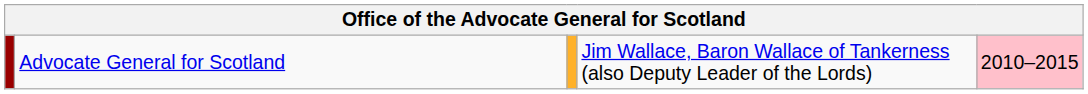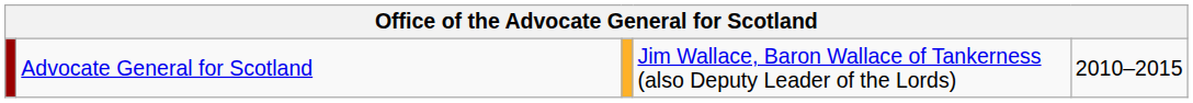 <table class="wikitable">
 <tr>
 <th colspan=5>Office of the Advocate General for Scotland</th>
 </tr>
 <tr>
 <td style="width:1px;; background:#900;"></td>
 <td width=445><a href='#'>Advocate General for Scotland</a></td>
 <td style="width:1px;; background:#FFB128;"></td>
 <td width=320><a href='#'>Jim Wallace, Baron Wallace of Tankerness</a> (also Deputy Leader of the Lords)</td>
-<td style="background: pink;">2010–2015</td>
+<td>2010–2015</td>
 </tr>
 </table>
